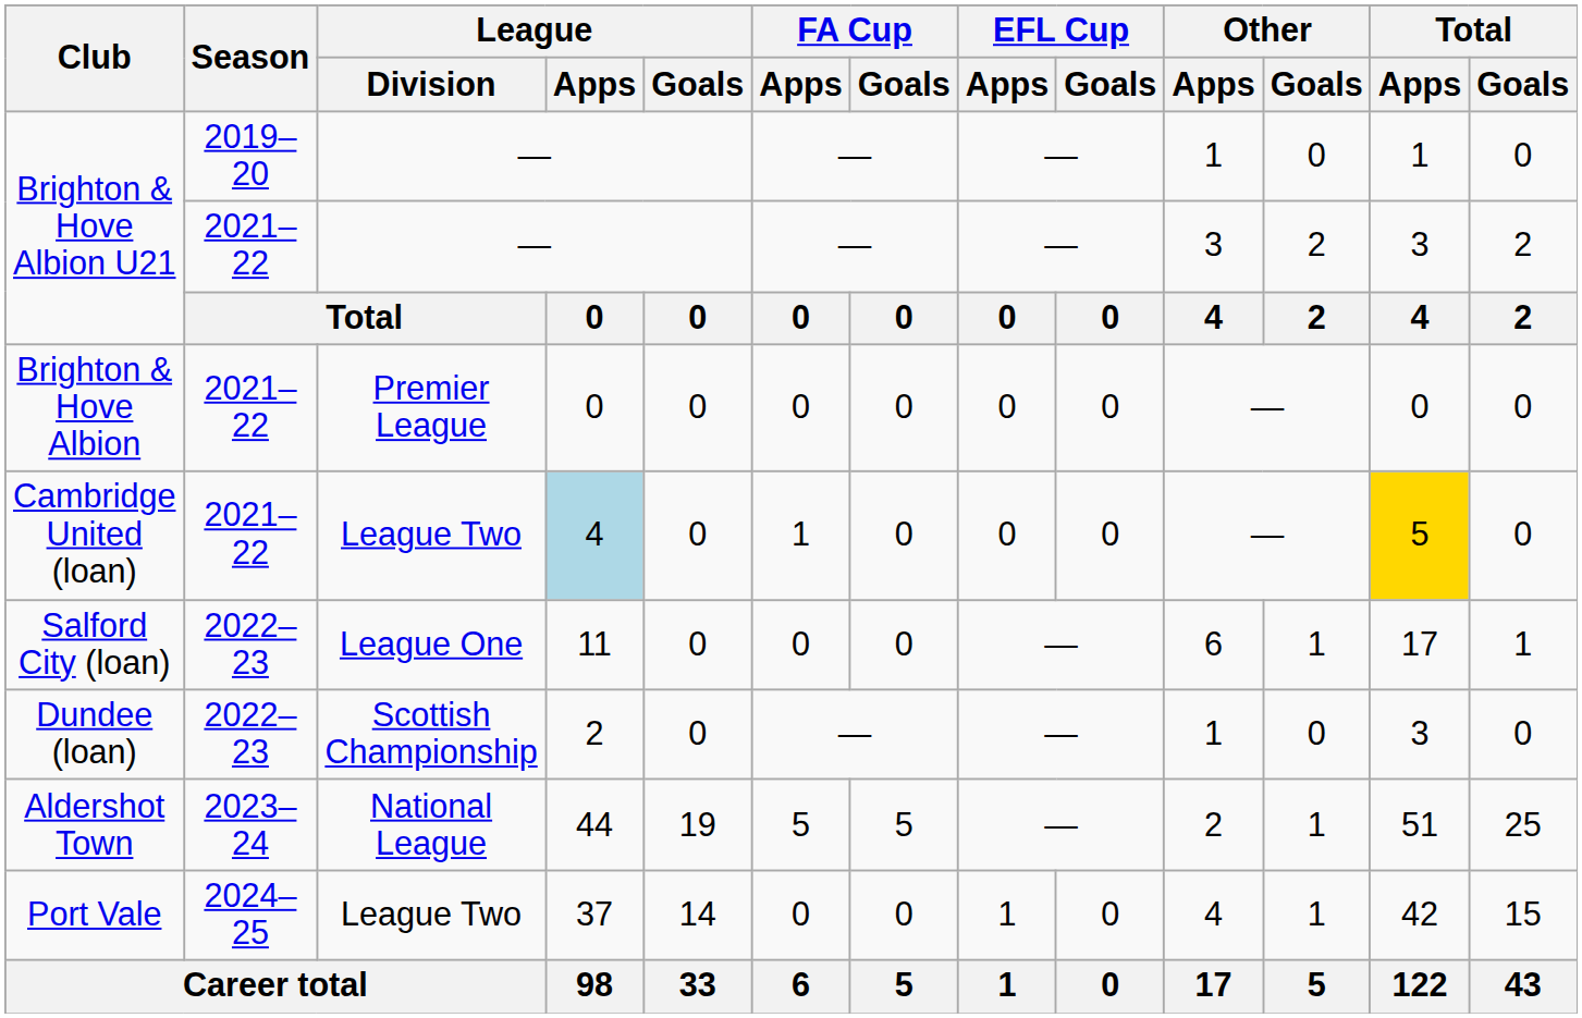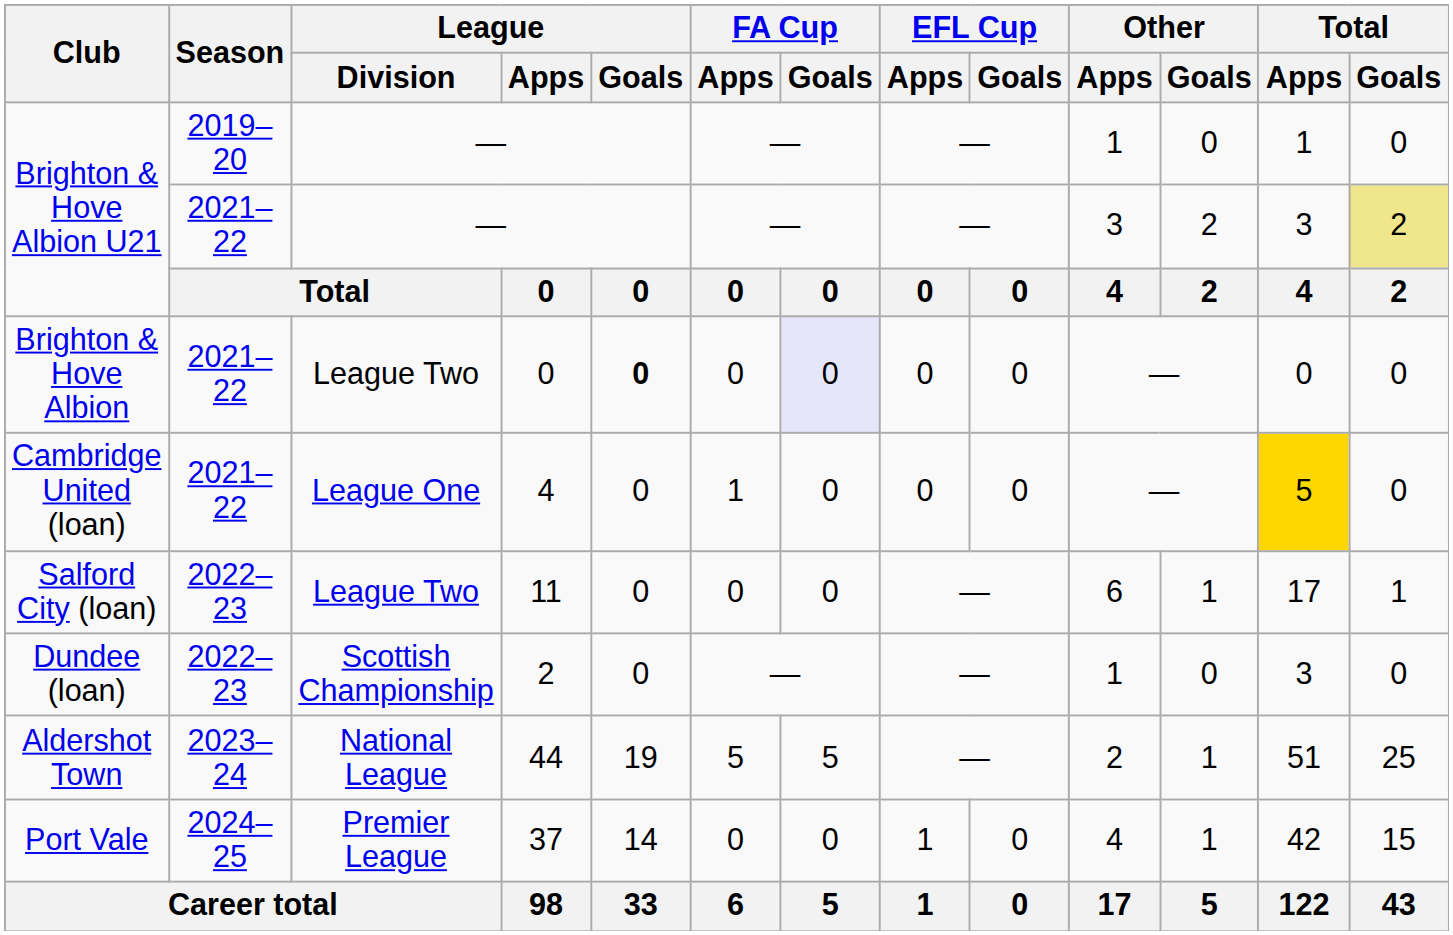 <table class="wikitable" style="text-align:center">
 <tr>
 <th rowspan="2">Club</th>
 <th rowspan="2">Season</th>
 <th colspan="3">League</th>
 <th colspan="2"><a href='#'>FA Cup</a></th>
 <th colspan="2"><a href='#'>EFL Cup</a></th>
 <th colspan="2">Other</th>
 <th colspan="2">Total</th>
 </tr>
 <tr>
 <th>Division</th>
 <th>Apps</th>
 <th>Goals</th>
 <th>Apps</th>
 <th>Goals</th>
 <th>Apps</th>
 <th>Goals</th>
 <th>Apps</th>
 <th>Goals</th>
 <th>Apps</th>
 <th>Goals</th>
 </tr>
 <tr>
 <td rowspan="3"><a href='#'>Brighton & Hove Albion U21</a></td>
 <td><a href='#'>2019–20</a></td>
 <td colspan="3">—</td>
 <td colspan="2">—</td>
 <td colspan="2">—</td>
 <td>1</td>
 <td>0</td>
 <td>1</td>
 <td>0</td>
 </tr>
 <tr>
 <td><a href='#'>2021–22</a></td>
 <td colspan="3">—</td>
 <td colspan="2">—</td>
 <td colspan="2">—</td>
 <td>3</td>
 <td>2</td>
 <td>3</td>
-<td>2</td>
+<td style="background: khaki;">2</td>
 </tr>
 <tr>
 <th colspan="2">Total</th>
 <th>0</th>
 <th>0</th>
 <th>0</th>
 <th>0</th>
 <th>0</th>
 <th>0</th>
 <th>4</th>
 <th>2</th>
 <th>4</th>
 <th>2</th>
 </tr>
 <tr>
 <td><a href='#'>Brighton & Hove Albion</a></td>
 <td><a href='#'>2021–22</a></td>
-<td><a href='#'>Premier League</a></td>
+<td>League Two</td>
 <td>0</td>
+<td><strong>0</strong></td>
 <td>0</td>
-<td>0</td>
-<td>0</td>
+<td style="background: lavender;">0</td>
 <td>0</td>
 <td>0</td>
 <td colspan="2">—</td>
 <td>0</td>
 <td>0</td>
 </tr>
 <tr>
 <td><a href='#'>Cambridge United</a> (loan)</td>
 <td><a href='#'>2021–22</a></td>
-<td><a href='#'>League Two</a></td>
-<td style="background: lightblue;">4</td>
+<td><a href='#'>League One</a></td>
+<td>4</td>
 <td>0</td>
 <td>1</td>
 <td>0</td>
 <td>0</td>
 <td>0</td>
 <td colspan="2">—</td>
 <td style="background: gold;">5</td>
 <td>0</td>
 </tr>
 <tr>
 <td><a href='#'>Salford City</a> (loan)</td>
 <td><a href='#'>2022–23</a></td>
-<td><a href='#'>League One</a></td>
+<td><a href='#'>League Two</a></td>
 <td>11</td>
 <td>0</td>
 <td>0</td>
 <td>0</td>
 <td colspan="2">—</td>
 <td>6</td>
 <td>1</td>
 <td>17</td>
 <td>1</td>
 </tr>
 <tr>
 <td><a href='#'>Dundee</a> (loan)</td>
 <td><a href='#'>2022–23</a></td>
 <td><a href='#'>Scottish Championship</a></td>
 <td>2</td>
 <td>0</td>
 <td colspan="2">—</td>
 <td colspan="2">—</td>
 <td>1</td>
 <td>0</td>
 <td>3</td>
 <td>0</td>
 </tr>
 <tr>
 <td><a href='#'>Aldershot Town</a></td>
 <td><a href='#'>2023–24</a></td>
 <td><a href='#'>National League</a></td>
 <td>44</td>
 <td>19</td>
 <td>5</td>
 <td>5</td>
 <td colspan="2">—</td>
 <td>2</td>
 <td>1</td>
 <td>51</td>
 <td>25</td>
 </tr>
 <tr>
 <td><a href='#'>Port Vale</a></td>
 <td><a href='#'>2024–25</a></td>
-<td>League Two</td>
+<td><a href='#'>Premier League</a></td>
 <td>37</td>
 <td>14</td>
 <td>0</td>
 <td>0</td>
 <td>1</td>
 <td>0</td>
 <td>4</td>
 <td>1</td>
 <td>42</td>
 <td>15</td>
 </tr>
 <tr>
 <th colspan="3">Career total</th>
 <th>98</th>
 <th>33</th>
 <th>6</th>
 <th>5</th>
 <th>1</th>
 <th>0</th>
 <th>17</th>
 <th>5</th>
 <th>122</th>
 <th>43</th>
 </tr>
 </table>
